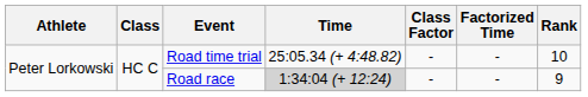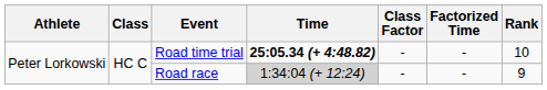 <table class=wikitable style="font-size:90%">
 <tr>
 <th>Athlete</th>
 <th>Class</th>
 <th>Event</th>
 <th>Time</th>
 <th>Class<br>Factor</th>
 <th>Factorized<br>Time</th>
 <th>Rank</th>
 </tr>
 <tr>
 <td rowspan="2">Peter Lorkowski</td>
 <td align="center" rowspan="2">HC C</td>
 <td><a href='#'>Road time trial</a></td>
-<td align="center">25:05.34 <em>(+ 4:48.82)</em></td>
+<td align="center"><strong>25:05.34 <em>(+ 4:48.82)</em></strong></td>
 <td align="center">-</td>
 <td align="center">-</td>
 <td align="center">10</td>
 </tr>
 <tr>
 <td><a href='#'>Road race</a></td>
 <td align="center" style="background: lightgrey;">1:34:04 <em>(+ 12:24)</em></td>
 <td align="center">-</td>
 <td align="center">-</td>
 <td align="center">9</td>
 </tr>
 </table>
